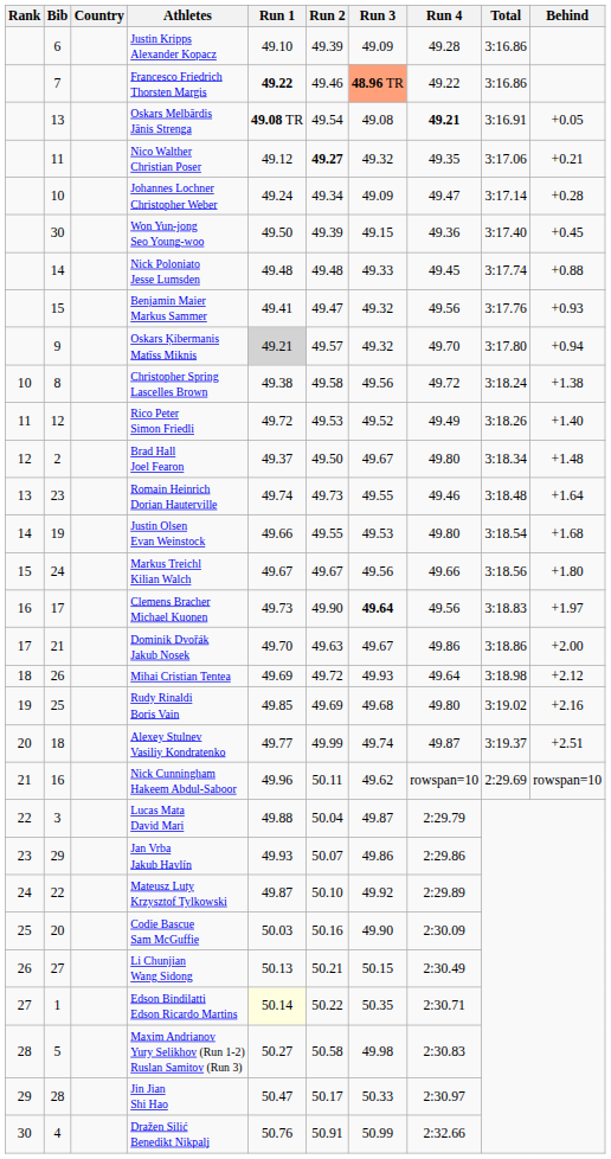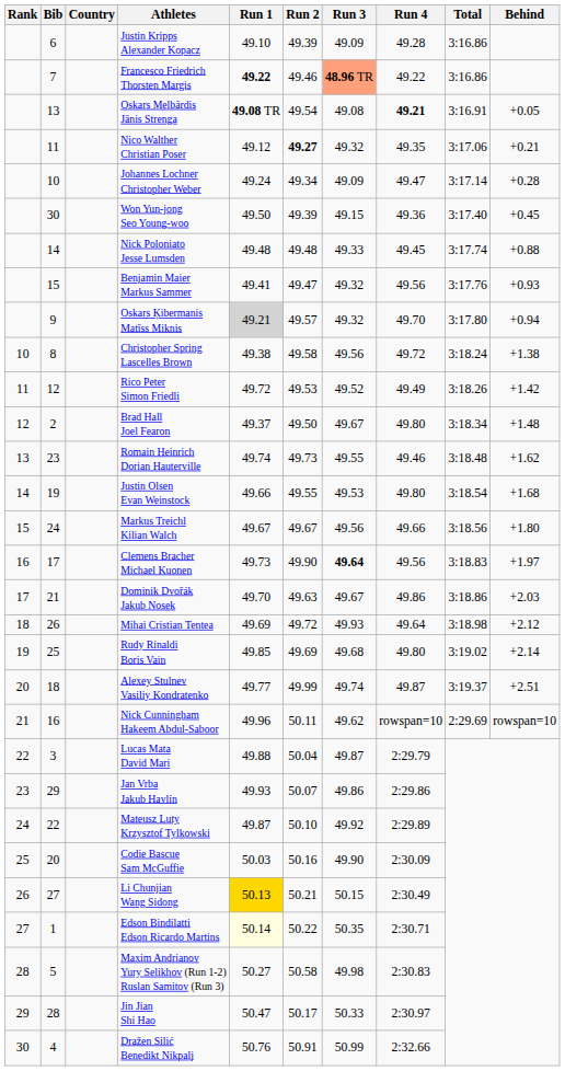 <table class="wikitable sortable" style="text-align:center">
 <tr>
 <th>Rank</th>
 <th>Bib</th>
 <th>Country</th>
 <th>Athletes</th>
 <th>Run 1</th>
 <th>Run 2</th>
 <th>Run 3</th>
 <th>Run 4</th>
 <th>Total</th>
 <th>Behind</th>
 </tr>
 <tr>
 <td></td>
 <td>6</td>
 <td style="text-align:left;"></td>
 <td style="text-align:left;"><small><a href='#'>Justin Kripps</a><br><a href='#'>Alexander Kopacz</a> </small></td>
 <td>49.10</td>
 <td>49.39</td>
 <td>49.09</td>
 <td>49.28</td>
 <td>3:16.86</td>
 <td></td>
 </tr>
 <tr>
 <td></td>
 <td>7</td>
 <td style="text-align:left;"></td>
 <td style="text-align:left;"><small><a href='#'>Francesco Friedrich</a><br><a href='#'>Thorsten Margis</a> </small></td>
 <td><strong>49.22</strong></td>
 <td>49.46</td>
 <td style="background: lightsalmon;"><strong>48.96</strong> TR</td>
 <td>49.22</td>
 <td>3:16.86</td>
 <td></td>
 </tr>
 <tr>
 <td></td>
 <td>13</td>
 <td style="text-align:left;"></td>
 <td style="text-align:left;"><small><a href='#'>Oskars Melbārdis</a><br><a href='#'>Jānis Strenga</a>  </small></td>
 <td><strong>49.08</strong> TR</td>
 <td>49.54</td>
 <td>49.08</td>
 <td><strong>49.21</strong></td>
 <td>3:16.91</td>
 <td>+0.05</td>
 </tr>
 <tr>
 <td></td>
 <td>11</td>
 <td style="text-align:left;"></td>
 <td style="text-align:left;"><small><a href='#'>Nico Walther</a><br><a href='#'>Christian Poser</a>  </small></td>
 <td>49.12</td>
 <td><strong>49.27</strong></td>
 <td>49.32</td>
 <td>49.35</td>
 <td>3:17.06</td>
 <td>+0.21</td>
 </tr>
 <tr>
 <td></td>
 <td>10</td>
 <td style="text-align:left;"></td>
 <td style="text-align:left;"><small><a href='#'>Johannes Lochner</a><br><a href='#'>Christopher Weber</a>  </small></td>
 <td>49.24</td>
 <td>49.34</td>
 <td>49.09</td>
 <td>49.47</td>
 <td>3:17.14</td>
 <td>+0.28</td>
 </tr>
 <tr>
 <td></td>
 <td>30</td>
 <td style="text-align:left;"></td>
 <td style="text-align:left;"><small><a href='#'>Won Yun-jong</a><br><a href='#'>Seo Young-woo</a> </small></td>
 <td>49.50</td>
 <td>49.39</td>
 <td>49.15</td>
 <td>49.36</td>
 <td>3:17.40</td>
 <td>+0.45</td>
 </tr>
 <tr>
 <td></td>
 <td>14</td>
 <td style="text-align:left;"></td>
 <td style="text-align:left;"><small><a href='#'>Nick Poloniato</a><br><a href='#'>Jesse Lumsden</a> </small></td>
 <td>49.48</td>
 <td>49.48</td>
 <td>49.33</td>
 <td>49.45</td>
 <td>3:17.74</td>
 <td>+0.88</td>
 </tr>
 <tr>
 <td></td>
 <td>15</td>
 <td style="text-align:left;"></td>
 <td style="text-align:left;"><small><a href='#'>Benjamin Maier</a><br><a href='#'>Markus Sammer</a>  </small></td>
 <td>49.41</td>
 <td>49.47</td>
 <td>49.32</td>
 <td>49.56</td>
 <td>3:17.76</td>
 <td>+0.93</td>
 </tr>
 <tr>
 <td></td>
 <td>9</td>
 <td style="text-align:left;"></td>
 <td style="text-align:left;"><small><a href='#'>Oskars Ķibermanis</a><br><a href='#'>Matīss Miknis</a> </small></td>
 <td style="background: lightgrey;">49.21</td>
 <td>49.57</td>
 <td>49.32</td>
 <td>49.70</td>
 <td>3:17.80</td>
 <td>+0.94</td>
 </tr>
 <tr>
 <td>10</td>
 <td>8</td>
 <td style="text-align:left;"></td>
 <td style="text-align:left;"><small><a href='#'>Christopher Spring</a><br><a href='#'>Lascelles Brown</a> </small></td>
 <td>49.38</td>
 <td>49.58</td>
 <td>49.56</td>
 <td>49.72</td>
 <td>3:18.24</td>
 <td>+1.38</td>
 </tr>
 <tr>
 <td>11</td>
 <td>12</td>
 <td style="text-align:left;"></td>
 <td style="text-align:left;"><small><a href='#'>Rico Peter</a><br><a href='#'>Simon Friedli</a>  </small></td>
 <td>49.72</td>
 <td>49.53</td>
 <td>49.52</td>
 <td>49.49</td>
 <td>3:18.26</td>
-<td>+1.40</td>
+<td>+1.42</td>
 </tr>
 <tr>
 <td>12</td>
 <td>2</td>
 <td style="text-align:left;"></td>
 <td style="text-align:left;"><small><a href='#'>Brad Hall</a><br><a href='#'>Joel Fearon</a>  </small></td>
 <td>49.37</td>
 <td>49.50</td>
 <td>49.67</td>
 <td>49.80</td>
 <td>3:18.34</td>
 <td>+1.48</td>
 </tr>
 <tr>
 <td>13</td>
 <td>23</td>
 <td style="text-align:left;"></td>
 <td style="text-align:left;"><small><a href='#'>Romain Heinrich</a><br><a href='#'>Dorian Hauterville</a>  </small></td>
 <td>49.74</td>
 <td>49.73</td>
 <td>49.55</td>
 <td>49.46</td>
 <td>3:18.48</td>
-<td>+1.64</td>
+<td>+1.62</td>
 </tr>
 <tr>
 <td>14</td>
 <td>19</td>
 <td style="text-align:left;"></td>
 <td style="text-align:left;"><small><a href='#'>Justin Olsen</a><br><a href='#'>Evan Weinstock</a> </small></td>
 <td>49.66</td>
 <td>49.55</td>
 <td>49.53</td>
 <td>49.80</td>
 <td>3:18.54</td>
 <td>+1.68</td>
 </tr>
 <tr>
 <td>15</td>
 <td>24</td>
 <td style="text-align:left;"></td>
 <td style="text-align:left;"><small><a href='#'>Markus Treichl</a><br><a href='#'>Kilian Walch</a> </small></td>
 <td>49.67</td>
 <td>49.67</td>
 <td>49.56</td>
 <td>49.66</td>
 <td>3:18.56</td>
 <td>+1.80</td>
 </tr>
 <tr>
 <td>16</td>
 <td>17</td>
 <td style="text-align:left;"></td>
 <td style="text-align:left;"><small><a href='#'>Clemens Bracher</a><br><a href='#'>Michael Kuonen</a> </small></td>
 <td>49.73</td>
 <td>49.90</td>
 <td><strong>49.64</strong></td>
 <td>49.56</td>
 <td>3:18.83</td>
 <td>+1.97</td>
 </tr>
 <tr>
 <td>17</td>
 <td>21</td>
 <td style="text-align:left;"></td>
 <td style="text-align:left;"><small><a href='#'>Dominik Dvořák</a><br><a href='#'>Jakub Nosek </a> </small></td>
 <td>49.70</td>
 <td>49.63</td>
 <td>49.67</td>
 <td>49.86</td>
 <td>3:18.86</td>
-<td>+2.00</td>
+<td>+2.03</td>
 </tr>
 <tr>
 <td>18</td>
 <td>26</td>
 <td style="text-align:left;"></td>
 <td style="text-align:left;"><small><a href='#'>Mihai Cristian Tentea</a><br>  </small></td>
 <td>49.69</td>
 <td>49.72</td>
 <td>49.93</td>
 <td>49.64</td>
 <td>3:18.98</td>
 <td>+2.12</td>
 </tr>
 <tr>
 <td>19</td>
 <td>25</td>
 <td style="text-align:left;"></td>
 <td style="text-align:left;"><small><a href='#'>Rudy Rinaldi</a><br><a href='#'>Boris Vain</a> </small></td>
 <td>49.85</td>
 <td>49.69</td>
 <td>49.68</td>
 <td>49.80</td>
 <td>3:19.02</td>
-<td>+2.16</td>
+<td>+2.14</td>
 </tr>
 <tr>
 <td>20</td>
 <td>18</td>
 <td style="text-align:left;"></td>
 <td style="text-align:left;"><small><a href='#'>Alexey Stulnev</a><br><a href='#'>Vasiliy Kondratenko</a>  </small></td>
 <td>49.77</td>
 <td>49.99</td>
 <td>49.74</td>
 <td>49.87</td>
 <td>3:19.37</td>
 <td>+2.51</td>
 </tr>
 <tr>
 <td>21</td>
 <td>16</td>
 <td style="text-align:left;"></td>
 <td style="text-align:left;"><small><a href='#'>Nick Cunningham</a><br><a href='#'>Hakeem Abdul-Saboor</a> </small></td>
 <td>49.96</td>
 <td>50.11</td>
 <td>49.62</td>
 <td>rowspan=10 </td>
 <td>2:29.69</td>
 <td>rowspan=10 </td>
 </tr>
 <tr>
 <td>22</td>
 <td>3</td>
 <td style="text-align:left;"></td>
 <td style="text-align:left;"><small><a href='#'>Lucas Mata</a><br><a href='#'>David Mari</a>  </small></td>
 <td>49.88</td>
 <td>50.04</td>
 <td>49.87</td>
 <td>2:29.79</td>
 </tr>
 <tr>
 <td>23</td>
 <td>29</td>
 <td style="text-align:left;"></td>
 <td style="text-align:left;"><small><a href='#'>Jan Vrba</a><br><a href='#'>Jakub Havlín</a>  </small></td>
 <td>49.93</td>
 <td>50.07</td>
 <td>49.86</td>
 <td>2:29.86</td>
 </tr>
 <tr>
 <td>24</td>
 <td>22</td>
 <td style="text-align:left;"></td>
 <td style="text-align:left;"><small><a href='#'>Mateusz Luty</a><br><a href='#'>Krzysztof Tylkowski</a>  </small></td>
 <td>49.87</td>
 <td>50.10</td>
 <td>49.92</td>
 <td>2:29.89</td>
 </tr>
 <tr>
 <td>25</td>
 <td>20</td>
 <td style="text-align:left;"></td>
 <td style="text-align:left;"><small><a href='#'>Codie Bascue</a><br><a href='#'>Sam McGuffie</a> </small></td>
 <td>50.03</td>
 <td>50.16</td>
 <td>49.90</td>
 <td>2:30.09</td>
 </tr>
 <tr>
 <td>26</td>
 <td>27</td>
 <td style="text-align:left;"></td>
 <td style="text-align:left;"><small><a href='#'>Li Chunjian</a><br><a href='#'>Wang Sidong</a> </small></td>
-<td>50.13</td>
+<td style="background: gold;">50.13</td>
 <td>50.21</td>
 <td>50.15</td>
 <td>2:30.49</td>
 </tr>
 <tr>
 <td>27</td>
 <td>1</td>
 <td style="text-align:left;"></td>
 <td style="text-align:left;"><small><a href='#'>Edson Bindilatti</a><br><a href='#'>Edson Ricardo Martins</a> </small></td>
 <td style="background: lightyellow;">50.14</td>
 <td>50.22</td>
 <td>50.35</td>
 <td>2:30.71</td>
 </tr>
 <tr>
 <td>28</td>
 <td>5</td>
 <td style="text-align:left;"></td>
 <td style="text-align:left;"><small><a href='#'>Maxim Andrianov</a><br><a href='#'>Yury Selikhov</a> (Run 1-2)<br><a href='#'>Ruslan Samitov</a> (Run 3)  </small></td>
 <td>50.27</td>
 <td>50.58</td>
 <td>49.98</td>
 <td>2:30.83</td>
 </tr>
 <tr>
 <td>29</td>
 <td>28</td>
 <td style="text-align:left;"></td>
 <td style="text-align:left;"><small><a href='#'>Jin Jian</a><br><a href='#'>Shi Hao</a>  </small></td>
 <td>50.47</td>
 <td>50.17</td>
 <td>50.33</td>
 <td>2:30.97</td>
 </tr>
 <tr>
 <td>30</td>
 <td>4</td>
 <td style="text-align:left;"></td>
 <td style="text-align:left;"><small><a href='#'>Dražen Silić</a><br><a href='#'>Benedikt Nikpalj</a>  </small></td>
 <td>50.76</td>
 <td>50.91</td>
 <td>50.99</td>
 <td>2:32.66</td>
 </tr>
 </table>
